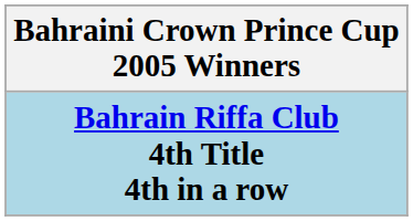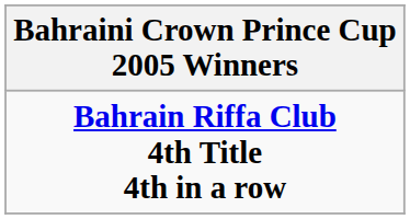 <table class="wikitable" style="text-align: center; margin: 0 auto;">
 <tr>
 <th>Bahraini Crown Prince Cup <br>2005 Winners</th>
 </tr>
 <tr>
-<td style="background: lightblue;"><strong><a href='#'>Bahrain Riffa Club</a></strong><br><strong>4th Title</strong> <br> <strong>4th in a row</strong></td>
+<td><strong><a href='#'>Bahrain Riffa Club</a></strong><br><strong>4th Title</strong> <br> <strong>4th in a row</strong></td>
 </tr>
 </table>
